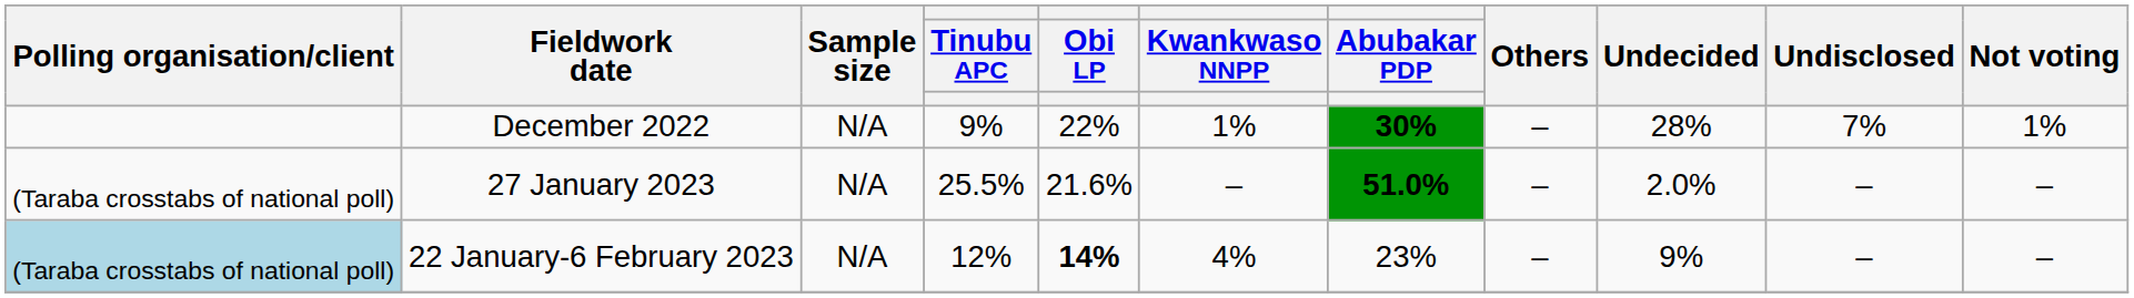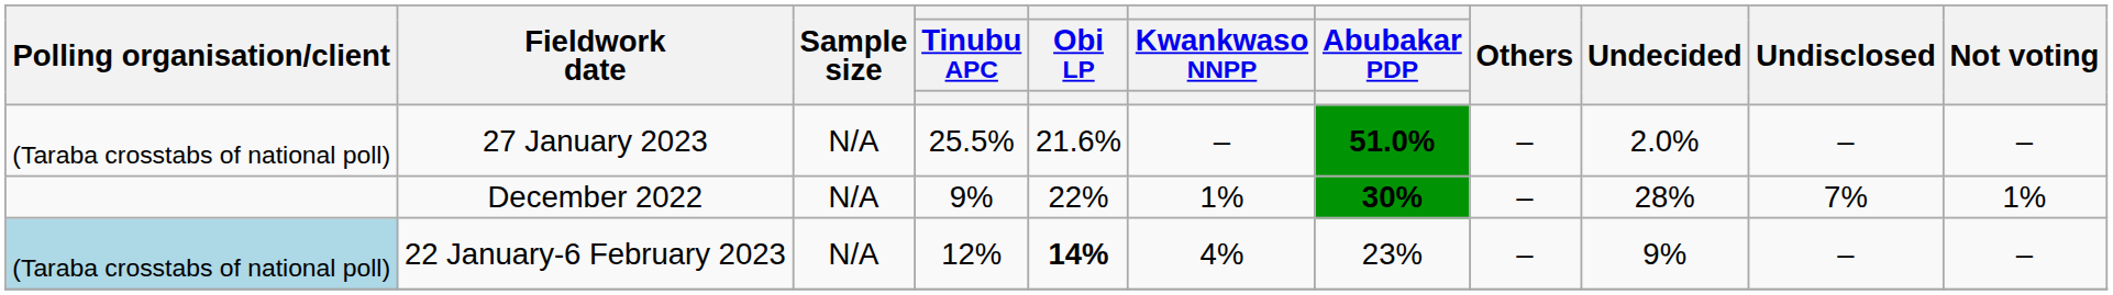 <table class="wikitable" style="text-align:center;font-size:95%;line-height:14px;">
 <tr>
 <th rowspan="3">Polling organisation/client</th>
 <th rowspan="3">Fieldwork<br>date</th>
 <th rowspan="3">Sample<br>size</th>
 <th></th>
 <th></th>
 <th></th>
 <th></th>
 <th rowspan="3">Others</th>
 <th rowspan="3">Undecided</th>
 <th rowspan="3">Undisclosed</th>
 <th rowspan="3">Not voting</th>
 </tr>
 <tr>
 <th><a href='#'>Tinubu</a><br><small><a href='#'>APC</a></small></th>
 <th><a href='#'>Obi</a><br><small><a href='#'>LP</a></small></th>
 <th><a href='#'>Kwankwaso</a><br><small><a href='#'>NNPP</a></small></th>
 <th><a href='#'>Abubakar</a><br><small><a href='#'>PDP</a></small></th>
 </tr>
 <tr>
 <th style="background:"></th>
 <th style="background:"></th>
 <th style="background:"></th>
 <th style="background:"></th>
 </tr>
 <tr>
+<td><br><small>(Taraba crosstabs of national poll)</small></td>
+<td>27 January 2023</td>
+<td>N/A</td>
+<td>25.5%</td>
+<td>21.6%</td>
+<td>–</td>
+<td bgcolor=#009404><strong>51.0%</strong></td>
+<td>–</td>
+<td>2.0%</td>
+<td>–</td>
+<td>–</td>
+</tr>
+<tr>
 <td></td>
 <td>December 2022</td>
 <td>N/A</td>
 <td>9%</td>
 <td>22%</td>
 <td>1%</td>
 <td bgcolor=#009404><strong>30%</strong></td>
 <td>–</td>
 <td>28%</td>
 <td>7%</td>
 <td>1%</td>
-</tr>
-<tr>
-<td><br><small>(Taraba crosstabs of national poll)</small></td>
-<td>27 January 2023</td>
-<td>N/A</td>
-<td>25.5%</td>
-<td>21.6%</td>
-<td>–</td>
-<td bgcolor=#009404><strong>51.0%</strong></td>
-<td>–</td>
-<td>2.0%</td>
-<td>–</td>
-<td>–</td>
 </tr>
 <tr>
 <td style="background: lightblue;"><br><small>(Taraba crosstabs of national poll)</small></td>
 <td>22 January-6 February 2023</td>
 <td>N/A</td>
 <td>12%</td>
 <td><strong>14%</strong></td>
 <td>4%</td>
 <td>23%</td>
 <td>–</td>
 <td>9%</td>
 <td>–</td>
 <td>–</td>
 </tr>
 <tr>
 </tr>
 </table>
